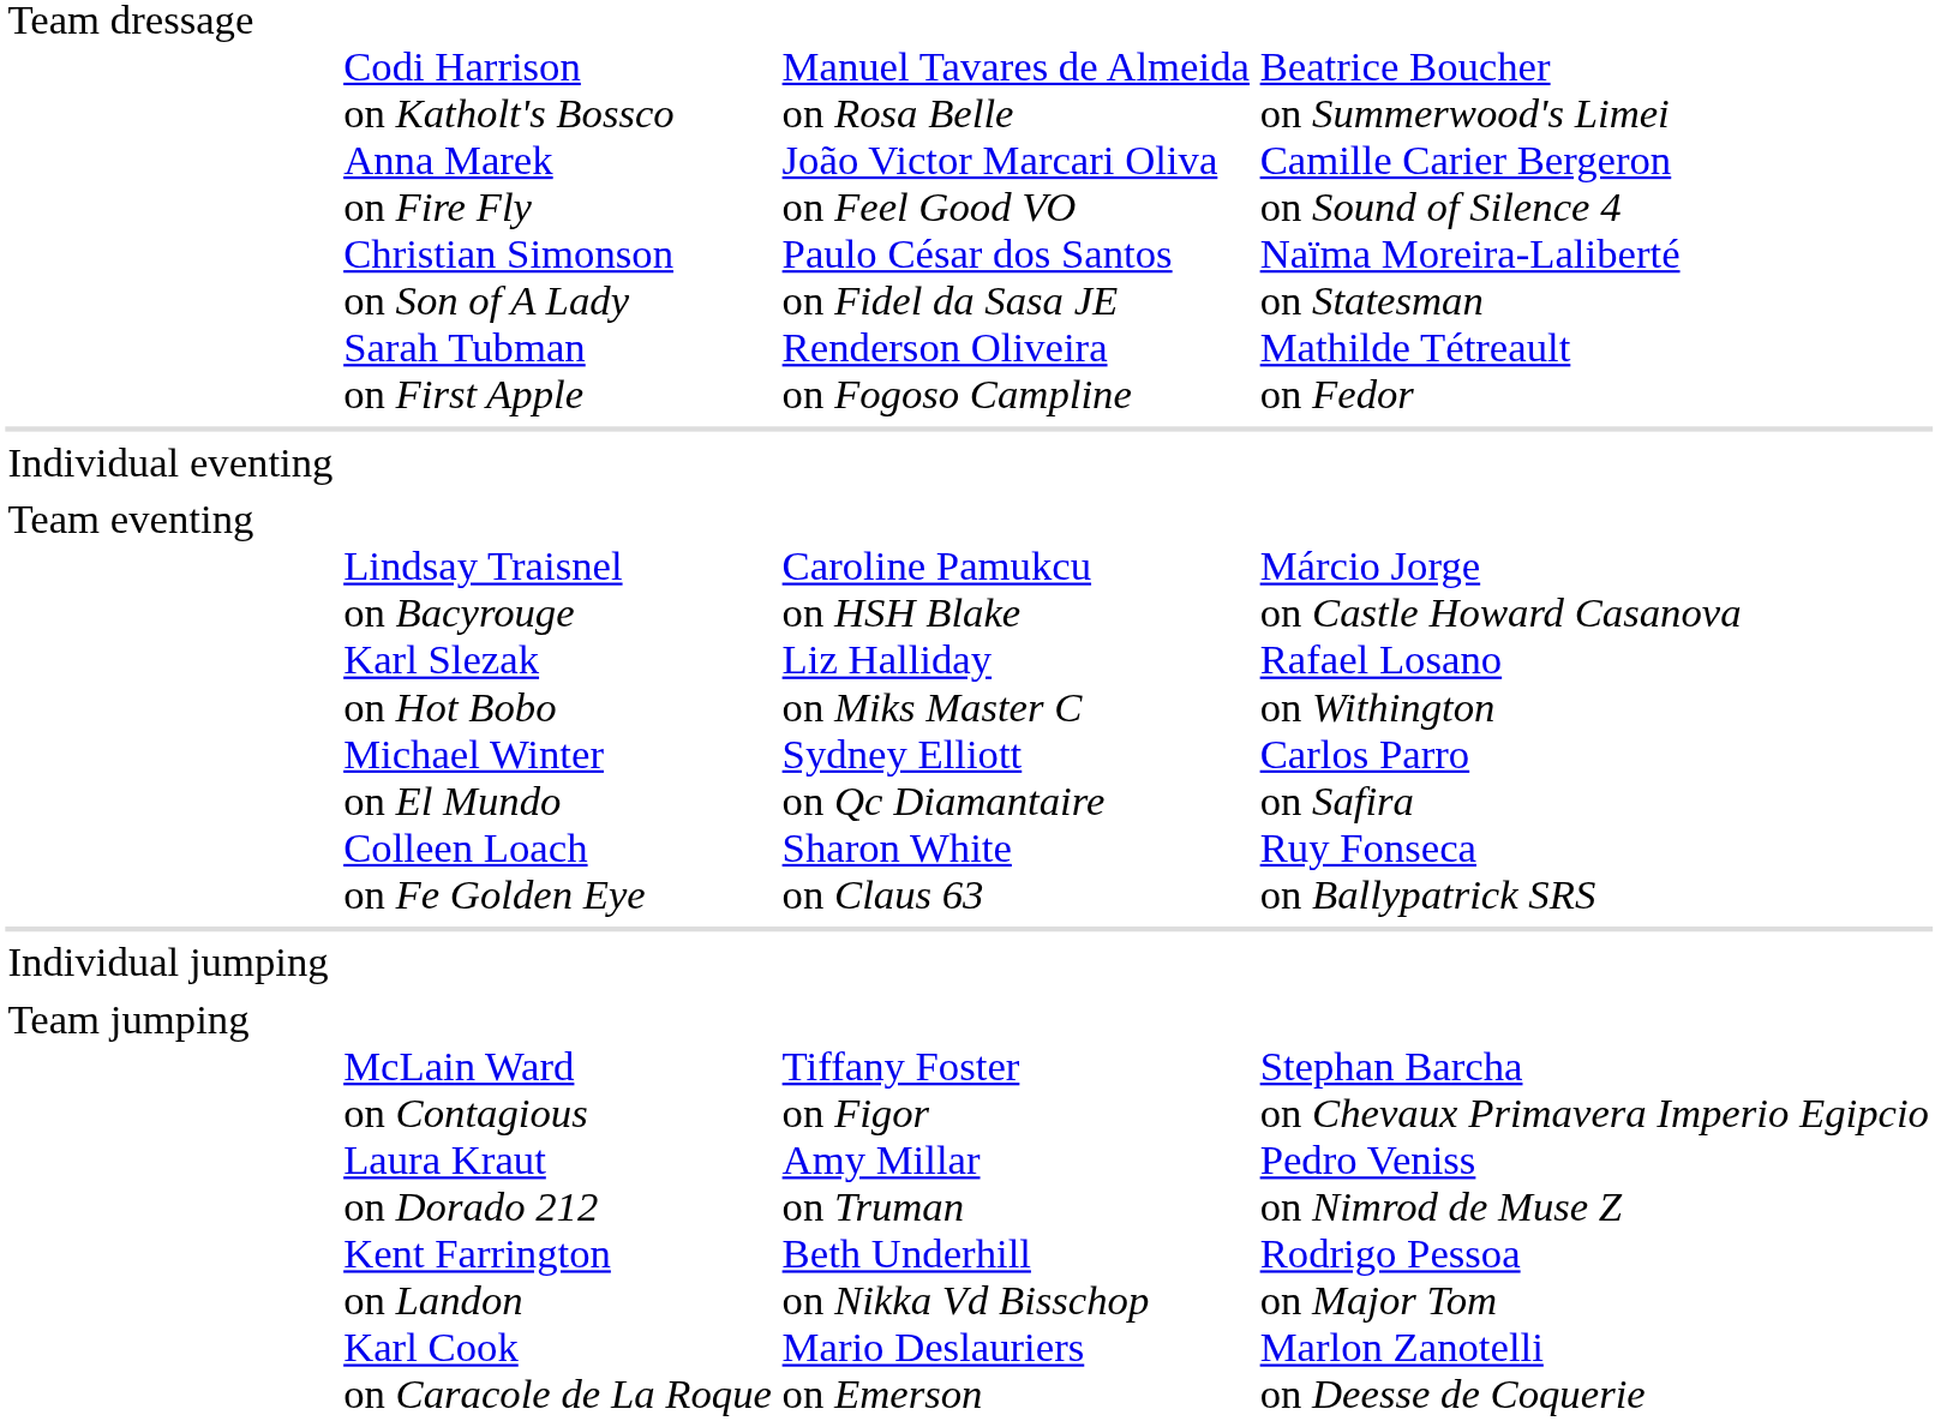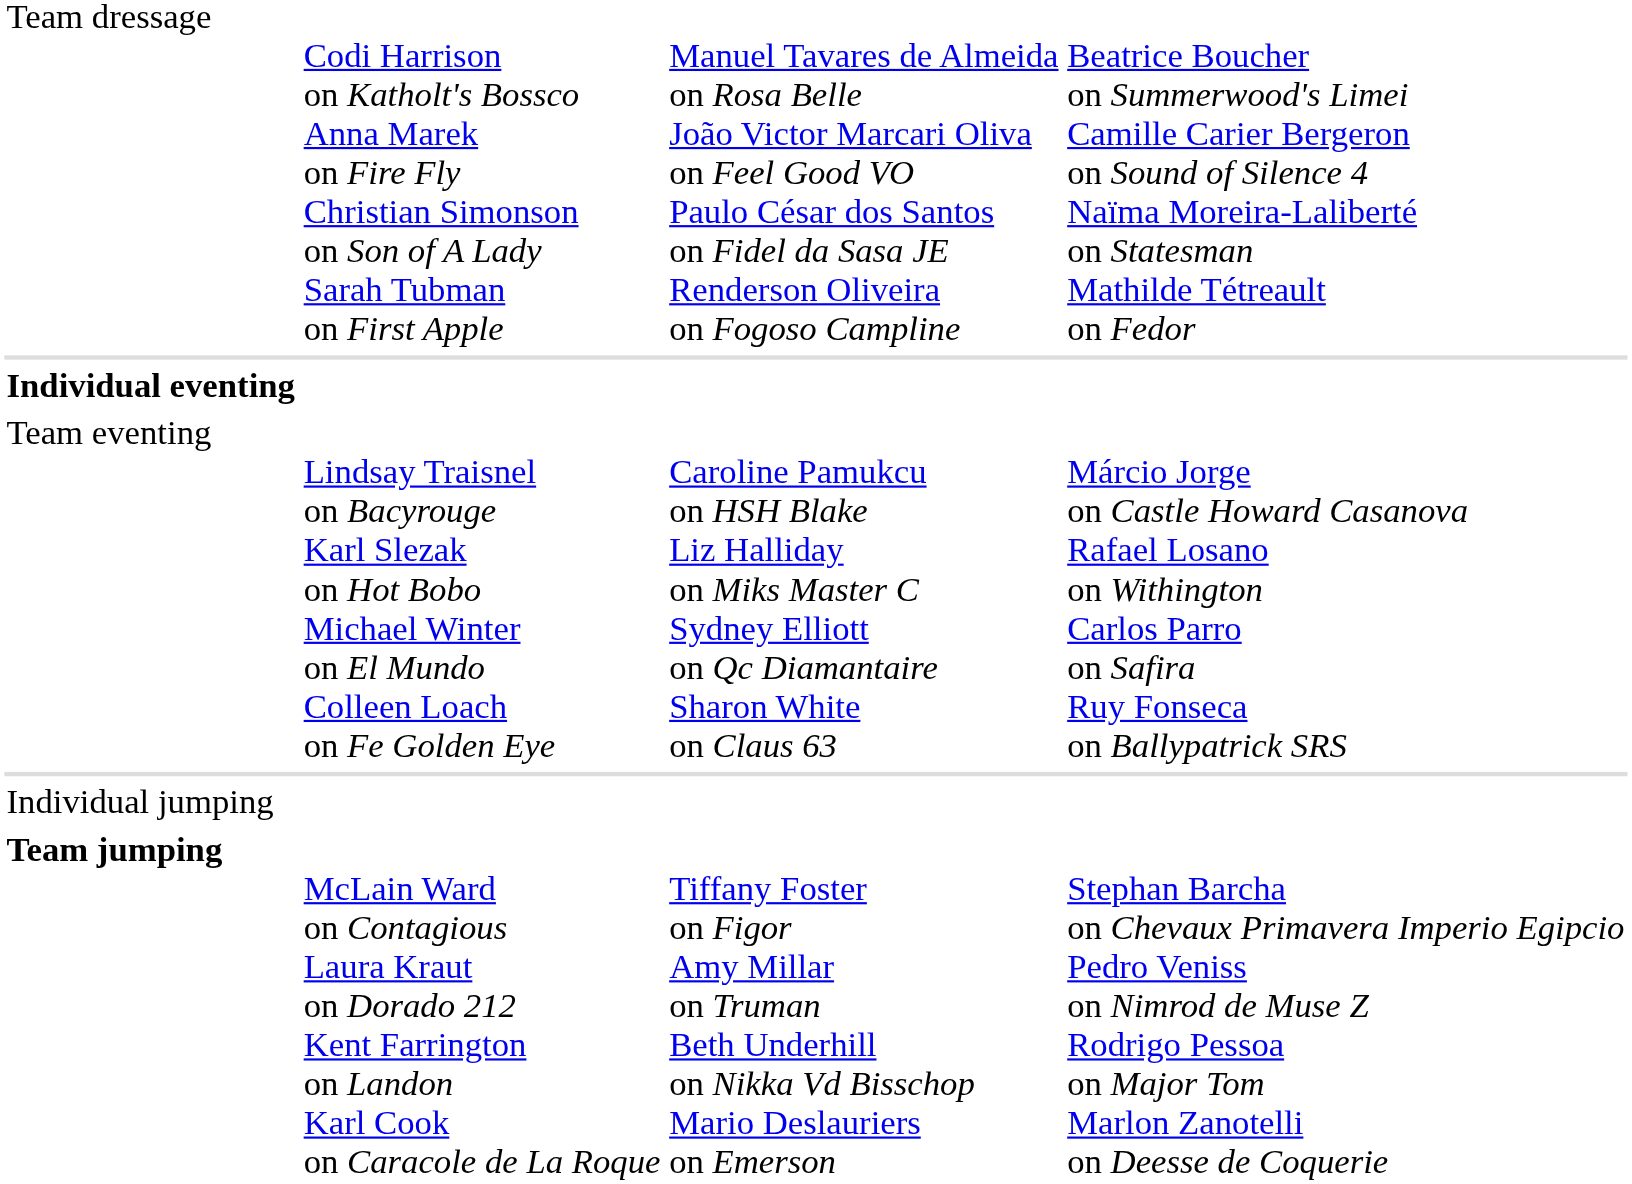 <table>
 <tr valign="top">
 <td><br></td>
 <td></td>
 <td></td>
 <td></td>
 </tr>
 <tr valign="top">
 <td>Team dressage<br></td>
 <td><br><a href='#'>Codi Harrison</a><br> on <em>Katholt's Bossco</em><br><a href='#'>Anna Marek</a><br> on <em>Fire Fly</em><br><a href='#'>Christian Simonson</a><br> on <em>Son of A Lady</em><br><a href='#'>Sarah Tubman</a><br> on <em>First Apple</em></td>
 <td><br><a href='#'>Manuel Tavares de Almeida</a><br> on <em>Rosa Belle</em><br><a href='#'>João Victor Marcari Oliva</a><br> on <em>Feel Good VO</em><br><a href='#'>Paulo César dos Santos</a><br> on <em>Fidel da Sasa JE</em><br><a href='#'>Renderson Oliveira</a><br> on <em>Fogoso Campline</em></td>
 <td><br><a href='#'>Beatrice Boucher</a><br> on <em>Summerwood's Limei</em><br><a href='#'>Camille Carier Bergeron</a><br> on <em>Sound of Silence 4</em><br><a href='#'>Naïma Moreira-Laliberté</a><br> on <em>Statesman</em><br><a href='#'>Mathilde Tétreault</a><br> on <em>Fedor</em></td>
 </tr>
 <tr bgcolor=#DDDDDD>
 <td colspan=7></td>
 </tr>
 <tr valign="top">
-<td>Individual eventing<br></td>
+<td><strong>Individual eventing<br></strong></td>
 <td></td>
 <td></td>
 <td></td>
 </tr>
 <tr valign="top">
 <td>Team eventing<br></td>
 <td><br><a href='#'>Lindsay Traisnel</a><br> on <em>Bacyrouge</em><br><a href='#'>Karl Slezak</a><br> on <em>Hot Bobo</em><br><a href='#'>Michael Winter</a><br> on <em>El Mundo</em><br><a href='#'>Colleen Loach</a><br> on <em>Fe Golden Eye</em></td>
 <td><br><a href='#'>Caroline Pamukcu</a><br> on <em>HSH Blake</em><br><a href='#'>Liz Halliday</a><br> on <em>Miks Master C</em><br><a href='#'>Sydney Elliott</a><br> on <em>Qc Diamantaire</em><br><a href='#'>Sharon White</a><br> on <em>Claus 63</em></td>
 <td><br><a href='#'>Márcio Jorge</a><br> on <em>Castle Howard Casanova</em><br><a href='#'>Rafael Losano</a><br> on <em>Withington</em><br><a href='#'>Carlos Parro</a><br> on <em>Safira</em><br><a href='#'>Ruy Fonseca</a><br> on <em>Ballypatrick SRS</em></td>
 </tr>
 <tr bgcolor=#DDDDDD>
 <td colspan=7></td>
 </tr>
 <tr valign="top">
 <td>Individual jumping<br></td>
 <td></td>
 <td></td>
 <td></td>
 </tr>
 <tr valign="top">
-<td>Team jumping<br></td>
+<td><strong>Team jumping<br></strong></td>
 <td><br><a href='#'>McLain Ward</a><br> on <em>Contagious</em><br><a href='#'>Laura Kraut</a><br> on <em>Dorado 212</em><br><a href='#'>Kent Farrington</a><br> on <em>Landon</em><br><a href='#'>Karl Cook</a><br> on <em>Caracole de La Roque</em></td>
 <td><br><a href='#'>Tiffany Foster</a><br> on <em>Figor</em><br><a href='#'>Amy Millar</a><br> on <em>Truman</em><br><a href='#'>Beth Underhill</a><br> on <em>Nikka Vd Bisschop</em><br><a href='#'>Mario Deslauriers</a><br> on <em>Emerson</em></td>
 <td><br><a href='#'>Stephan Barcha</a><br> on <em>Chevaux Primavera Imperio Egipcio</em><br><a href='#'>Pedro Veniss</a><br> on <em>Nimrod de Muse Z</em><br><a href='#'>Rodrigo Pessoa</a><br> on <em>Major Tom</em><br><a href='#'>Marlon Zanotelli</a><br> on <em>Deesse de Coquerie</em></td>
 </tr>
 </table>
